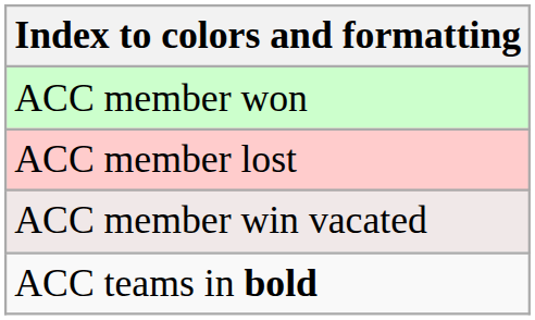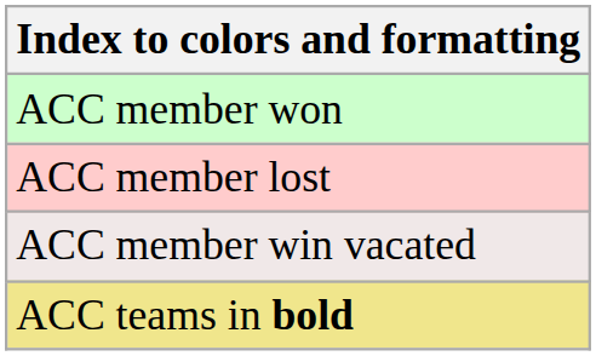 <table class="wikitable">
 <tr>
 <th>Index to colors and formatting</th>
 </tr>
 <tr bgcolor=#ccffcc>
 <td>ACC member won</td>
 </tr>
 <tr bgcolor=#ffcccc>
 <td>ACC member lost</td>
 </tr>
 <tr bgcolor=#f0e8e8>
 <td>ACC member win vacated</td>
 </tr>
 <tr>
-<td>ACC teams in <strong>bold</strong></td>
+<td style="background: khaki;">ACC teams in <strong>bold</strong></td>
 </tr>
 </table>
